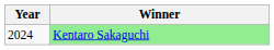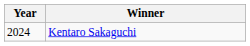 <table class="wikitable">
 <tr align=center>
 <th style="width:50px">Year</th>
 <th style="width:270px">Winner</th>
 </tr>
 <tr>
 <td rowspan="2">2024</td>
-<td style="background: lightgreen;"><a href='#'>Kentaro Sakaguchi</a></td>
+<td><a href='#'>Kentaro Sakaguchi</a></td>
 </tr>
 </table>
